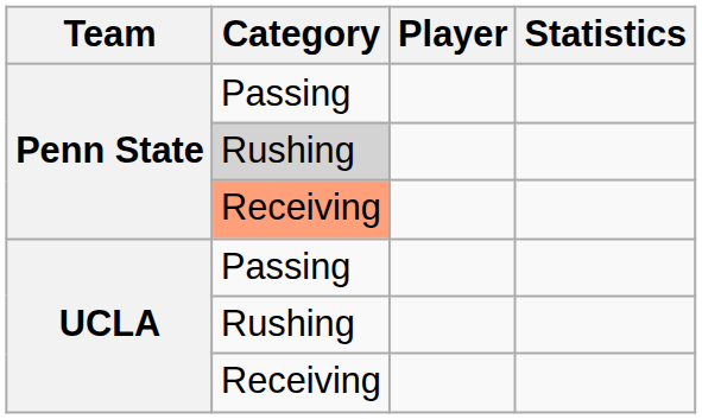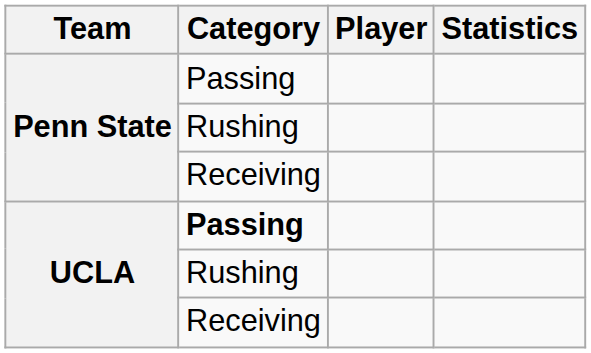 <table class="wikitable" style="float:right">
 <tr>
 <th>Team</th>
 <th>Category</th>
 <th>Player</th>
 <th>Statistics</th>
 </tr>
 <tr>
 <th rowspan=3>Penn State</th>
 <td>Passing</td>
 <td></td>
 <td></td>
 </tr>
 <tr>
-<td style="background: lightgrey;">Rushing</td>
+<td>Rushing</td>
 <td></td>
 <td></td>
 </tr>
 <tr>
-<td style="background: lightsalmon;">Receiving</td>
+<td>Receiving</td>
 <td></td>
 <td></td>
 </tr>
 <tr>
 <th rowspan=3>UCLA</th>
-<td>Passing</td>
+<td><strong>Passing</strong></td>
 <td></td>
 <td></td>
 </tr>
 <tr>
 <td>Rushing</td>
 <td></td>
 <td></td>
 </tr>
 <tr>
 <td>Receiving</td>
 <td></td>
 <td></td>
 </tr>
 </table>
